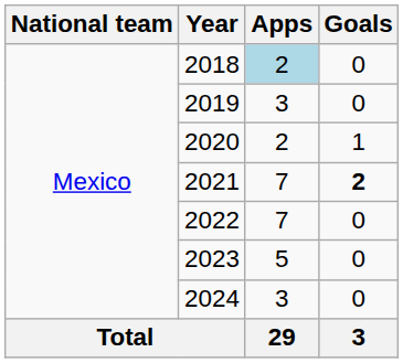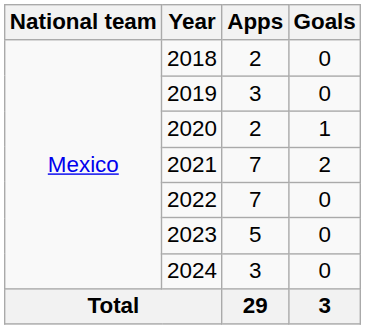 <table class="wikitable" style="text-align:center">
 <tr>
 <th>National team</th>
 <th>Year</th>
 <th>Apps</th>
 <th>Goals</th>
 </tr>
 <tr>
 <td rowspan="7"><a href='#'>Mexico</a></td>
 <td>2018</td>
-<td style="background: lightblue;">2</td>
+<td>2</td>
 <td>0</td>
 </tr>
 <tr>
 <td>2019</td>
 <td>3</td>
 <td>0</td>
 </tr>
 <tr>
 <td>2020</td>
 <td>2</td>
 <td>1</td>
 </tr>
 <tr>
 <td>2021</td>
 <td>7</td>
-<td><strong>2</strong></td>
+<td>2</td>
 </tr>
 <tr>
 <td>2022</td>
 <td>7</td>
 <td>0</td>
 </tr>
 <tr>
 <td>2023</td>
 <td>5</td>
 <td>0</td>
 </tr>
 <tr>
 <td>2024</td>
 <td>3</td>
 <td>0</td>
 </tr>
 <tr>
 <th colspan="2">Total</th>
 <th>29</th>
 <th>3</th>
 </tr>
 </table>
